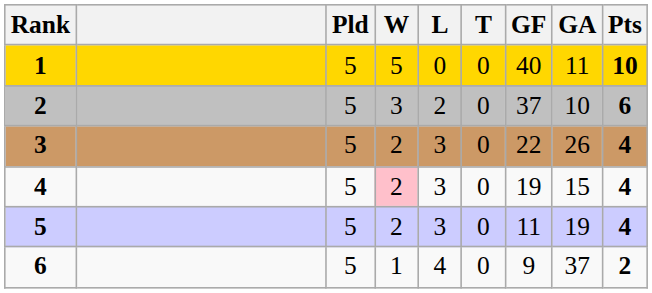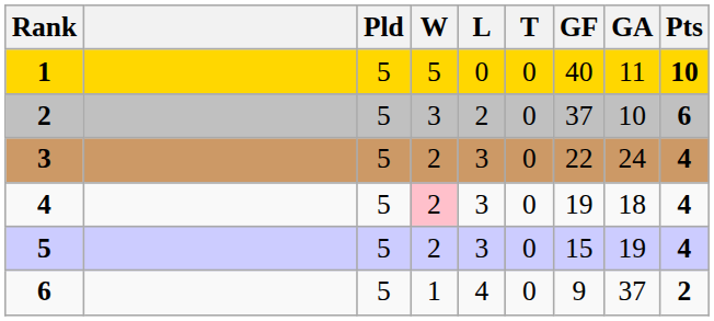 <table class="wikitable">
 <tr>
 <th bgcolor="#efefef" width="20">Rank</th>
 <th bgcolor="#efefef" width="150"></th>
 <th bgcolor="#efefef" width="20">Pld</th>
 <th bgcolor="#efefef" width="20">W</th>
 <th bgcolor="#efefef" width="20">L</th>
 <th bgcolor="#efefef" width="20">T</th>
 <th bgcolor="#efefef" width="20">GF</th>
 <th bgcolor="#efefef" width="20">GA</th>
 <th bgcolor="#efefef" width="20">Pts</th>
 </tr>
 <tr align=center bgcolor="gold">
 <td><strong>1</strong></td>
 <td align=left></td>
 <td>5</td>
 <td>5</td>
 <td>0</td>
 <td>0</td>
 <td>40</td>
 <td>11</td>
 <td><strong>10</strong></td>
 </tr>
 <tr align=center bgcolor="silver">
 <td><strong>2</strong></td>
 <td align=left></td>
 <td>5</td>
 <td>3</td>
 <td>2</td>
 <td>0</td>
 <td>37</td>
 <td>10</td>
 <td><strong>6</strong></td>
 </tr>
 <tr align=center bgcolor="#c96">
 <td><strong>3</strong></td>
 <td align=left></td>
 <td>5</td>
 <td>2</td>
 <td>3</td>
 <td>0</td>
 <td>22</td>
-<td>26</td>
+<td>24</td>
 <td><strong>4</strong></td>
 </tr>
 <tr align=center>
 <td><strong>4</strong></td>
 <td align=left></td>
 <td>5</td>
 <td style="background: pink;">2</td>
 <td>3</td>
 <td>0</td>
 <td>19</td>
-<td>15</td>
+<td>18</td>
 <td><strong>4</strong></td>
 </tr>
 <tr align=center bgcolor="ccccff">
 <td><strong>5</strong></td>
 <td align=left></td>
 <td>5</td>
 <td>2</td>
 <td>3</td>
 <td>0</td>
-<td>11</td>
+<td>15</td>
 <td>19</td>
 <td><strong>4</strong></td>
 </tr>
 <tr align=center>
 <td><strong>6</strong></td>
 <td align=left></td>
 <td>5</td>
 <td>1</td>
 <td>4</td>
 <td>0</td>
 <td>9</td>
 <td>37</td>
 <td><strong>2</strong></td>
 </tr>
 </table>
